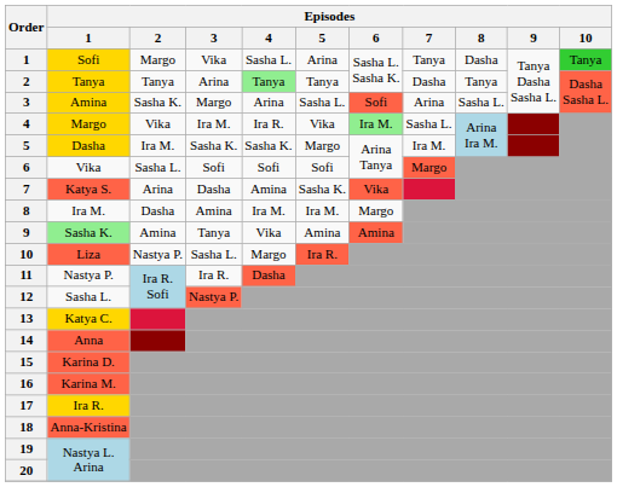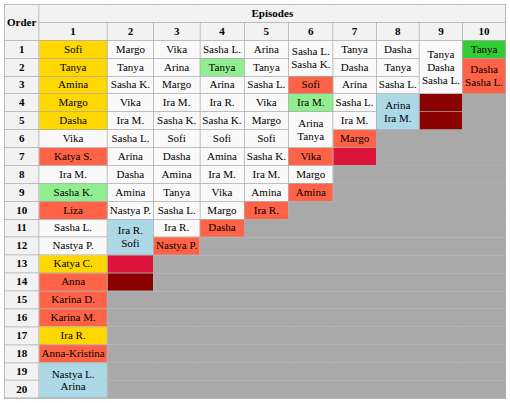 <table class="wikitable" style="text-align:center; font-size:92%">
 <tr>
 <th rowspan=2>Order</th>
 <th colspan=13>Episodes</th>
 </tr>
 <tr>
 <th>1</th>
 <th>2</th>
 <th>3</th>
 <th>4</th>
 <th>5</th>
 <th>6</th>
 <th>7</th>
 <th>8</th>
 <th>9</th>
 <th>10</th>
 </tr>
 <tr>
 <th>1</th>
 <td style="background:gold">Sofi</td>
 <td>Margo</td>
 <td>Vika</td>
 <td>Sasha L.</td>
 <td>Arina</td>
 <td rowspan="2">Sasha L.<br>Sasha K.</td>
 <td>Tanya</td>
 <td>Dasha</td>
 <td rowspan="3">Tanya<br>Dasha<br>Sasha L.</td>
 <td style="background:limegreen">Tanya</td>
 </tr>
 <tr>
 <th>2</th>
 <td style="background:gold">Tanya</td>
 <td>Tanya</td>
 <td>Arina</td>
 <td style="background:lightgreen">Tanya</td>
 <td>Tanya</td>
 <td>Dasha</td>
 <td>Tanya</td>
 <td rowspan="2"style="background:tomato">Dasha<br>Sasha L.</td>
 </tr>
 <tr>
 <th>3</th>
 <td style="background:gold">Amina</td>
 <td>Sasha K.</td>
 <td>Margo</td>
 <td>Arina</td>
 <td>Sasha L.</td>
 <td style="background:tomato">Sofi</td>
 <td>Arina</td>
 <td>Sasha L.</td>
 </tr>
 <tr>
 <th>4</th>
 <td style="background:gold">Margo</td>
 <td>Vika</td>
 <td>Ira M.</td>
 <td>Ira R.</td>
 <td>Vika</td>
 <td style="background:lightgreen">Ira M.</td>
 <td>Sasha L.</td>
 <td bgcolor="lightblue"rowspan="2">Arina<br>Ira M.</td>
 <td style="background:darkred"></td>
 <td colspan="10"style="background:darkgray"></td>
 </tr>
 <tr>
 <th>5</th>
 <td style="background:gold">Dasha</td>
 <td>Ira M.</td>
 <td>Sasha K.</td>
 <td>Sasha K.</td>
 <td>Margo</td>
 <td rowspan="2">Arina<br>Tanya</td>
 <td>Ira M.</td>
 <td style="background:darkred"></td>
 <td colspan="10"style="background:darkgray"></td>
 </tr>
 <tr>
 <th>6</th>
 <td>Vika</td>
 <td>Sasha L.</td>
 <td>Sofi</td>
 <td>Sofi</td>
 <td>Sofi</td>
 <td style="background:tomato">Margo</td>
 <td colspan="10"style="background:darkgray"></td>
 </tr>
 <tr>
 <th>7</th>
 <td style="background:tomato">Katya S.</td>
 <td>Arina</td>
 <td>Dasha</td>
 <td>Amina</td>
 <td>Sasha K.</td>
 <td style="background:tomato">Vika</td>
 <td bgcolor="crimson"></td>
 <td colspan="10"style="background:darkgray"></td>
 </tr>
 <tr>
 <th>8</th>
 <td>Ira M.</td>
 <td>Dasha</td>
 <td>Amina</td>
 <td>Ira M.</td>
 <td>Ira M.</td>
 <td>Margo</td>
 <td colspan="10"style="background:darkgray"></td>
 </tr>
 <tr>
 <th>9</th>
 <td style="background:lightgreen">Sasha K.</td>
 <td>Amina</td>
 <td>Tanya</td>
 <td>Vika</td>
 <td>Amina</td>
 <td style="background:tomato">Amina</td>
 <td colspan="10"style="background:darkgray"></td>
 </tr>
 <tr>
 <th>10</th>
 <td style="background:tomato">Liza</td>
 <td>Nastya P.</td>
 <td>Sasha L.</td>
 <td>Margo</td>
 <td style="background:tomato">Ira R.</td>
 <td colspan="10"style="background:darkgray"></td>
 </tr>
 <tr>
 <th>11</th>
-<td>Nastya P.</td>
+<td>Sasha L.</td>
 <td bgcolor="lightblue"rowspan="2">Ira R.<br>Sofi</td>
 <td>Ira R.</td>
 <td style="background:tomato">Dasha</td>
 <td colspan="10"style="background:darkgray"></td>
 </tr>
 <tr>
 <th>12</th>
-<td>Sasha L.</td>
+<td>Nastya P.</td>
 <td style="background:tomato">Nastya P.</td>
 <td colspan="10"style="background:darkgray"></td>
 </tr>
 <tr>
 <th>13</th>
 <td style="background:gold">Katya C.</td>
 <td bgcolor="crimson"></td>
 <td colspan="10"style="background:darkgray"></td>
 </tr>
 <tr>
 <th>14</th>
 <td style="background:tomato">Anna</td>
 <td bgcolor="darkred"></td>
 <td colspan="10"style="background:darkgray"></td>
 </tr>
 <tr>
 <th>15</th>
 <td style="background:tomato">Karina D.</td>
 <td colspan="10"style="background:darkgray"></td>
 </tr>
 <tr>
 <th>16</th>
 <td style="background:tomato">Karina M.</td>
 <td colspan="10"style="background:darkgray"></td>
 </tr>
 <tr>
 <th>17</th>
 <td style="background: gold;">Ira R.</td>
 <td colspan="10"style="background:darkgray"></td>
 </tr>
 <tr>
 <th>18</th>
 <td style="background:tomato">Anna-Kristina</td>
 <td colspan="10"style="background:darkgray"></td>
 </tr>
 <tr>
 <th>19</th>
 <td bgcolor="lightblue"rowspan="2">Nastya L.<br>Arina</td>
 <td colspan="10"style="background:darkgray"></td>
 </tr>
 <tr>
 <th>20</th>
 <td colspan="10"style="background:darkgray"></td>
 </tr>
 <tr>
 </tr>
 </table>
